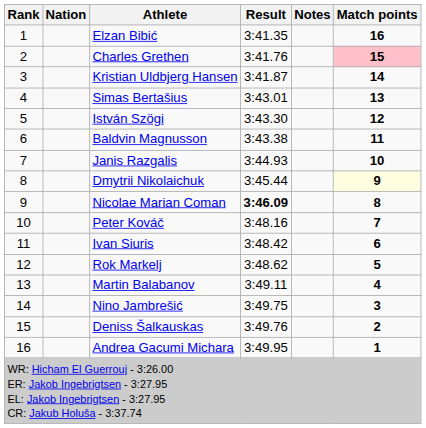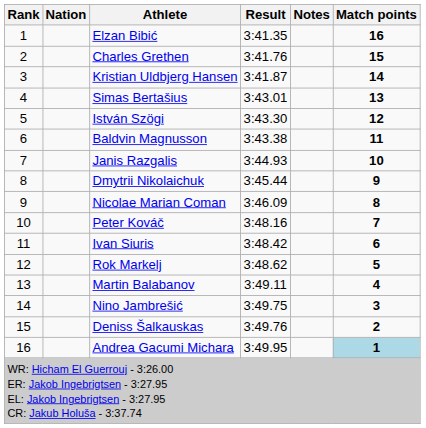 <table class="wikitable sortable" style="text-align:left;">
 <tr>
 <th>Rank</th>
 <th>Nation</th>
 <th>Athlete</th>
 <th>Result</th>
 <th>Notes</th>
 <th>Match points</th>
 </tr>
 <tr>
 <td align=center>1</td>
 <td></td>
 <td><a href='#'>Elzan Bibić</a></td>
 <td align=center>3:41.35</td>
 <td></td>
 <td align=center><strong>16</strong></td>
 </tr>
 <tr>
 <td align=center>2</td>
 <td></td>
 <td><a href='#'>Charles Grethen</a></td>
 <td align=center>3:41.76</td>
 <td></td>
-<td align=center style="background: pink;"><strong>15</strong></td>
+<td align=center><strong>15</strong></td>
 </tr>
 <tr>
 <td align=center>3</td>
 <td></td>
 <td><a href='#'>Kristian Uldbjerg Hansen</a></td>
 <td align=center>3:41.87</td>
 <td></td>
 <td align=center><strong>14</strong></td>
 </tr>
 <tr>
 <td align=center>4</td>
 <td></td>
 <td><a href='#'>Simas Bertašius</a></td>
 <td align=center>3:43.01</td>
 <td></td>
 <td align=center><strong>13</strong></td>
 </tr>
 <tr>
 <td align=center>5</td>
 <td></td>
 <td><a href='#'>István Szögi</a></td>
 <td align=center>3:43.30</td>
 <td></td>
 <td align=center><strong>12</strong></td>
 </tr>
 <tr>
 <td align=center>6</td>
 <td></td>
 <td><a href='#'>Baldvin Magnusson</a></td>
 <td align=center>3:43.38</td>
 <td></td>
 <td align=center><strong>11</strong></td>
 </tr>
 <tr>
 <td align=center>7</td>
 <td></td>
 <td><a href='#'>Janis Razgalis</a></td>
 <td align=center>3:44.93</td>
 <td></td>
 <td align=center><strong>10</strong></td>
 </tr>
 <tr>
 <td align=center>8</td>
 <td></td>
 <td><a href='#'>Dmytrii Nikolaichuk</a></td>
 <td align=center>3:45.44</td>
 <td></td>
-<td align=center style="background: lightyellow;"><strong>9</strong></td>
+<td align=center><strong>9</strong></td>
 </tr>
 <tr>
 <td align=center>9</td>
 <td></td>
 <td><a href='#'>Nicolae Marian Coman</a></td>
-<td align=center><strong>3:46.09</strong></td>
+<td align=center>3:46.09</td>
 <td></td>
 <td align=center><strong>8</strong></td>
 </tr>
 <tr>
 <td align=center>10</td>
 <td></td>
 <td><a href='#'>Peter Kováč</a></td>
 <td align=center>3:48.16</td>
 <td align=center></td>
 <td align=center><strong>7</strong></td>
 </tr>
 <tr>
 <td align=center>11</td>
 <td></td>
 <td><a href='#'>Ivan Siuris</a></td>
 <td align=center>3:48.42</td>
 <td align=center></td>
 <td align=center><strong>6</strong></td>
 </tr>
 <tr>
 <td align=center>12</td>
 <td></td>
 <td><a href='#'>Rok Markelj</a></td>
 <td align=center>3:48.62</td>
 <td></td>
 <td align=center><strong>5</strong></td>
 </tr>
 <tr>
 <td align=center>13</td>
 <td></td>
 <td><a href='#'>Martin Balabanov</a></td>
 <td align=center>3:49.11</td>
 <td align=center></td>
 <td align=center><strong>4</strong></td>
 </tr>
 <tr>
 <td align=center>14</td>
 <td></td>
 <td><a href='#'>Nino Jambrešić</a></td>
 <td align=center>3:49.75</td>
 <td></td>
 <td align=center><strong>3</strong></td>
 </tr>
 <tr>
 <td align=center>15</td>
 <td></td>
 <td><a href='#'>Deniss Šalkauskas</a></td>
 <td align=center>3:49.76</td>
 <td></td>
 <td align=center><strong>2</strong></td>
 </tr>
 <tr>
 <td align=center>16</td>
 <td></td>
 <td><a href='#'>Andrea Gacumi Michara</a></td>
 <td align=center>3:49.95</td>
 <td align=center></td>
-<td align=center><strong>1</strong></td>
+<td align=center style="background: lightblue;"><strong>1</strong></td>
 </tr>
 <tr>
 <td colspan="6" bgcolor="#cccccc"><small>WR:  <a href='#'>Hicham El Guerrouj</a> - 3:26.00<br>ER:  <a href='#'>Jakob Ingebrigtsen</a> - 3:27.95<br></small><small>EL:  <a href='#'>Jakob Ingebrigtsen</a> - 3:27.95<br>CR:  <a href='#'>Jakub Holuša</a> - 3:37.74</small></td>
 </tr>
 </table>
